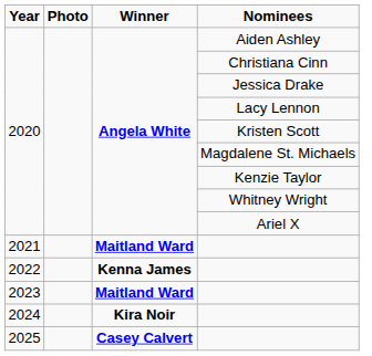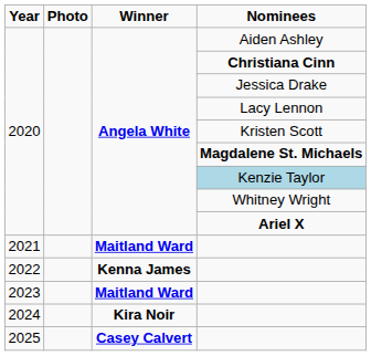 <table class=wikitable>
 <tr>
 <td align=center><strong>Year</strong></td>
 <td align=center><strong>Photo</strong></td>
 <td align=center><strong>Winner<br></strong></td>
 <td align=center><strong>Nominees<br></strong></td>
 </tr>
 <tr>
 <td rowspan=9>2020</td>
 <td rowspan=9 align=center></td>
 <td rowspan=9 align=center><strong><a href='#'>Angela White</a></strong><br></td>
 <td align=center>Aiden Ashley<br></td>
 </tr>
 <tr>
-<td align=center>Christiana Cinn<br></td>
+<td align=center><strong>Christiana Cinn<br></strong></td>
 </tr>
 <tr>
 <td align=center>Jessica Drake<br></td>
 </tr>
 <tr>
 <td align=center>Lacy Lennon<br></td>
 </tr>
 <tr>
 <td align=center>Kristen Scott<br></td>
 </tr>
 <tr>
-<td align=center>Magdalene St. Michaels<br></td>
+<td align=center><strong>Magdalene St. Michaels<br></strong></td>
 </tr>
 <tr>
-<td align=center>Kenzie Taylor<br></td>
+<td align=center style="background: lightblue;">Kenzie Taylor<br></td>
 </tr>
 <tr>
 <td align=center>Whitney Wright<br></td>
 </tr>
 <tr>
-<td align=center>Ariel X<br></td>
+<td align=center><strong>Ariel X<br></strong></td>
 </tr>
 <tr>
 <td>2021</td>
 <td></td>
 <td align=center><strong><a href='#'>Maitland Ward</a></strong><br></td>
 <td></td>
 </tr>
 <tr>
 <td>2022</td>
 <td></td>
 <td align=center><strong>Kenna James</strong><br></td>
 <td></td>
 </tr>
 <tr>
 <td>2023</td>
 <td></td>
 <td align=center><strong><a href='#'>Maitland Ward</a></strong><br></td>
 <td></td>
 </tr>
 <tr>
 <td>2024</td>
 <td></td>
 <td align=center><strong>Kira Noir</strong><br></td>
 <td></td>
 </tr>
 <tr>
 <td>2025</td>
 <td></td>
 <td align=center><strong><a href='#'>Casey Calvert</a></strong><br></td>
 <td></td>
 </tr>
 </table>
